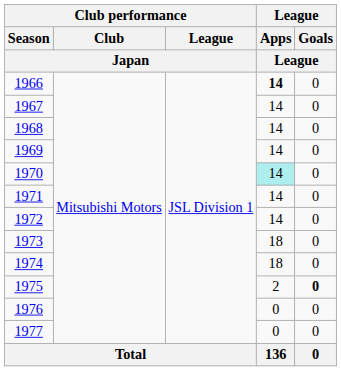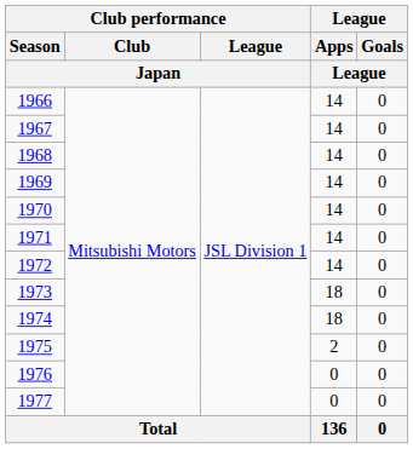 <table class="wikitable" style="text-align:center;">
 <tr>
 <th colspan=3>Club performance</th>
 <th colspan=2>League</th>
 </tr>
 <tr>
 <th>Season</th>
 <th>Club</th>
 <th>League</th>
 <th>Apps</th>
 <th>Goals</th>
 </tr>
 <tr>
 <th colspan=3>Japan</th>
 <th colspan=2>League</th>
 </tr>
 <tr>
 <td><a href='#'>1966</a></td>
 <td rowspan=12><a href='#'>Mitsubishi Motors</a></td>
 <td rowspan=12><a href='#'>JSL Division 1</a></td>
-<td><strong>14</strong></td>
+<td>14</td>
 <td>0</td>
 </tr>
 <tr>
 <td><a href='#'>1967</a></td>
 <td>14</td>
 <td>0</td>
 </tr>
 <tr>
 <td><a href='#'>1968</a></td>
 <td>14</td>
 <td>0</td>
 </tr>
 <tr>
 <td><a href='#'>1969</a></td>
 <td>14</td>
 <td>0</td>
 </tr>
 <tr>
 <td><a href='#'>1970</a></td>
-<td style="background: paleturquoise;">14</td>
+<td>14</td>
 <td>0</td>
 </tr>
 <tr>
 <td><a href='#'>1971</a></td>
 <td>14</td>
 <td>0</td>
 </tr>
 <tr>
 <td><a href='#'>1972</a></td>
 <td>14</td>
 <td>0</td>
 </tr>
 <tr>
 <td><a href='#'>1973</a></td>
 <td>18</td>
 <td>0</td>
 </tr>
 <tr>
 <td><a href='#'>1974</a></td>
 <td>18</td>
 <td>0</td>
 </tr>
 <tr>
 <td><a href='#'>1975</a></td>
 <td>2</td>
-<td><strong>0</strong></td>
+<td>0</td>
 </tr>
 <tr>
 <td><a href='#'>1976</a></td>
 <td>0</td>
 <td>0</td>
 </tr>
 <tr>
 <td><a href='#'>1977</a></td>
 <td>0</td>
 <td>0</td>
 </tr>
 <tr>
 <th colspan=3>Total</th>
 <th>136</th>
 <th>0</th>
 </tr>
 </table>
